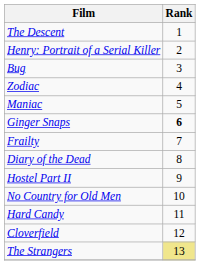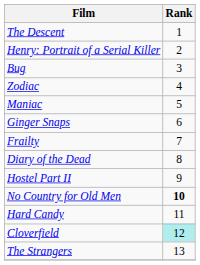 <table class="sortable wikitable" style="text-align:center; white-space:nowrap;">
 <tr>
 <th>Film</th>
 <th>Rank</th>
 </tr>
 <tr>
 <td align="left"><em><a href='#'>The Descent</a></em></td>
 <td>1</td>
 </tr>
 <tr>
 <td align="left"><em><a href='#'>Henry: Portrait of a Serial Killer</a></em></td>
 <td>2</td>
 </tr>
 <tr>
 <td align="left"><em><a href='#'>Bug</a></em></td>
 <td>3</td>
 </tr>
 <tr>
 <td align="left"><em><a href='#'>Zodiac</a></em></td>
 <td>4</td>
 </tr>
 <tr>
 <td align="left"><em><a href='#'>Maniac</a></em></td>
 <td>5</td>
 </tr>
 <tr>
 <td align="left"><em><a href='#'>Ginger Snaps</a></em></td>
-<td><strong>6</strong></td>
+<td>6</td>
 </tr>
 <tr>
 <td align="left"><em><a href='#'>Frailty</a></em></td>
 <td>7</td>
 </tr>
 <tr>
 <td align="left"><em><a href='#'>Diary of the Dead</a></em></td>
 <td>8</td>
 </tr>
 <tr>
 <td align="left"><em><a href='#'>Hostel Part II</a></em></td>
 <td>9</td>
 </tr>
 <tr>
 <td align="left"><em><a href='#'>No Country for Old Men</a></em></td>
-<td>10</td>
+<td><strong>10</strong></td>
 </tr>
 <tr>
 <td align="left"><em><a href='#'>Hard Candy</a></em></td>
 <td>11</td>
 </tr>
 <tr>
 <td align="left"><em><a href='#'>Cloverfield</a></em></td>
-<td>12</td>
+<td style="background: paleturquoise;">12</td>
 </tr>
 <tr>
 <td align="left"><em><a href='#'>The Strangers</a></em></td>
-<td style="background: khaki;">13</td>
+<td>13</td>
 </tr>
 <tr>
 </tr>
 </table>
